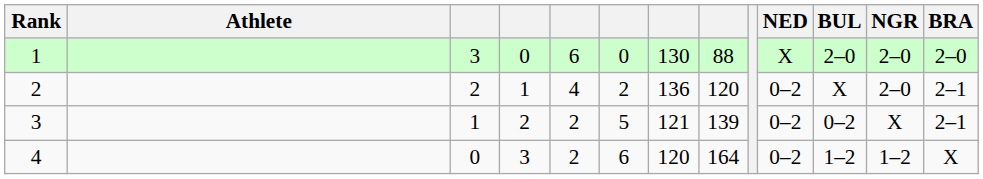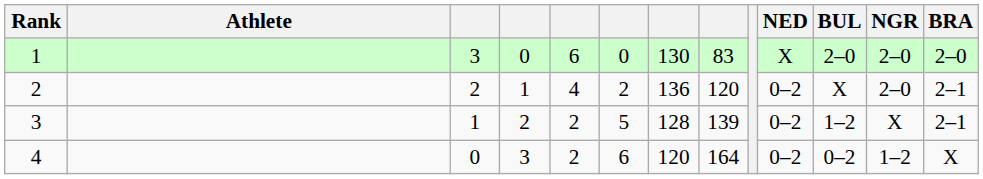 <table class="wikitable" style="text-align:center">
 <tr>
 <th width=40>Rank</th>
 <th width=280>Athlete</th>
 <th width=30></th>
 <th width=30></th>
 <th width=30></th>
 <th width=30></th>
 <th width=30></th>
 <th width=30></th>
 <th rowspan=5></th>
 <th width=30>NED</th>
 <th width=30>BUL</th>
 <th width=30>NGR</th>
 <th width=30>BRA</th>
 </tr>
 <tr style="background-color:#ccffcc;">
 <td>1</td>
 <td align=left></td>
 <td>3</td>
 <td>0</td>
 <td>6</td>
 <td>0</td>
 <td>130</td>
-<td>88</td>
+<td>83</td>
 <td>X</td>
 <td>2–0</td>
 <td>2–0</td>
 <td>2–0</td>
 </tr>
 <tr>
 <td>2</td>
 <td align=left></td>
 <td>2</td>
 <td>1</td>
 <td>4</td>
 <td>2</td>
 <td>136</td>
 <td>120</td>
 <td>0–2</td>
 <td>X</td>
 <td>2–0</td>
 <td>2–1</td>
 </tr>
 <tr>
 <td>3</td>
 <td align=left></td>
 <td>1</td>
 <td>2</td>
 <td>2</td>
 <td>5</td>
-<td>121</td>
+<td>128</td>
 <td>139</td>
 <td>0–2</td>
-<td>0–2</td>
+<td>1–2</td>
 <td>X</td>
 <td>2–1</td>
 </tr>
 <tr>
 <td>4</td>
 <td align=left></td>
 <td>0</td>
 <td>3</td>
 <td>2</td>
 <td>6</td>
 <td>120</td>
 <td>164</td>
 <td>0–2</td>
-<td>1–2</td>
+<td>0–2</td>
 <td>1–2</td>
 <td>X</td>
 </tr>
 </table>
